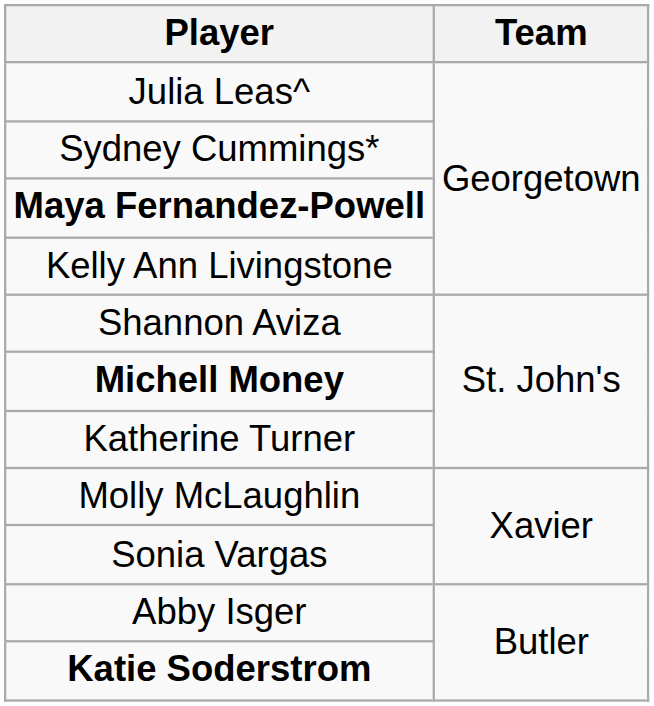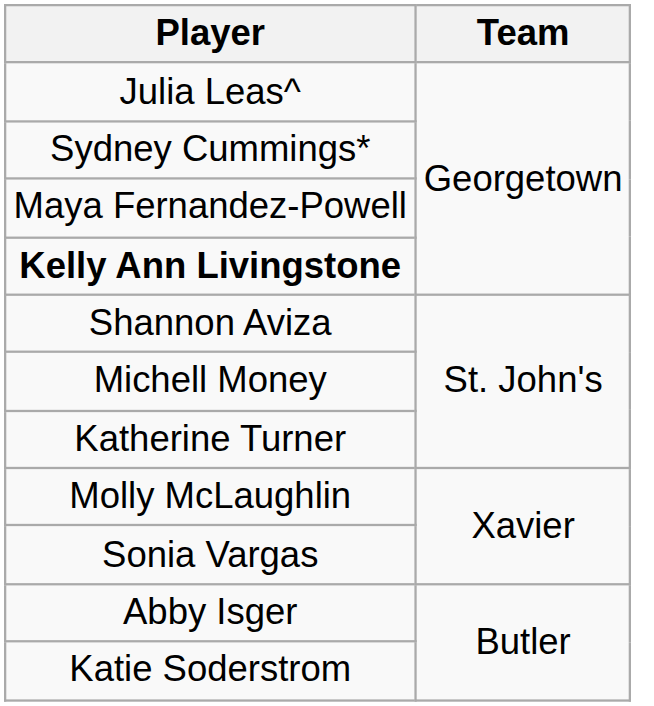 <table class="wikitable" style="text-align: center;">
 <tr>
 <th>Player</th>
 <th>Team</th>
 </tr>
 <tr>
 <td>Julia Leas^</td>
 <td rowspan=4>Georgetown</td>
 </tr>
 <tr>
 <td>Sydney Cummings*</td>
 </tr>
 <tr>
-<td><strong>Maya Fernandez-Powell</strong></td>
+<td>Maya Fernandez-Powell</td>
 </tr>
 <tr>
-<td>Kelly Ann Livingstone</td>
+<td><strong>Kelly Ann Livingstone</strong></td>
 </tr>
 <tr>
 <td>Shannon Aviza</td>
 <td rowspan=3>St. John's</td>
 </tr>
 <tr>
-<td><strong>Michell Money</strong></td>
+<td>Michell Money</td>
 </tr>
 <tr>
 <td>Katherine Turner</td>
 </tr>
 <tr>
 <td>Molly McLaughlin</td>
 <td rowspan=2>Xavier</td>
 </tr>
 <tr>
 <td>Sonia Vargas</td>
 </tr>
 <tr>
 <td>Abby Isger</td>
 <td rowspan=2>Butler</td>
 </tr>
 <tr>
-<td><strong>Katie Soderstrom</strong></td>
+<td>Katie Soderstrom</td>
 </tr>
 </table>
